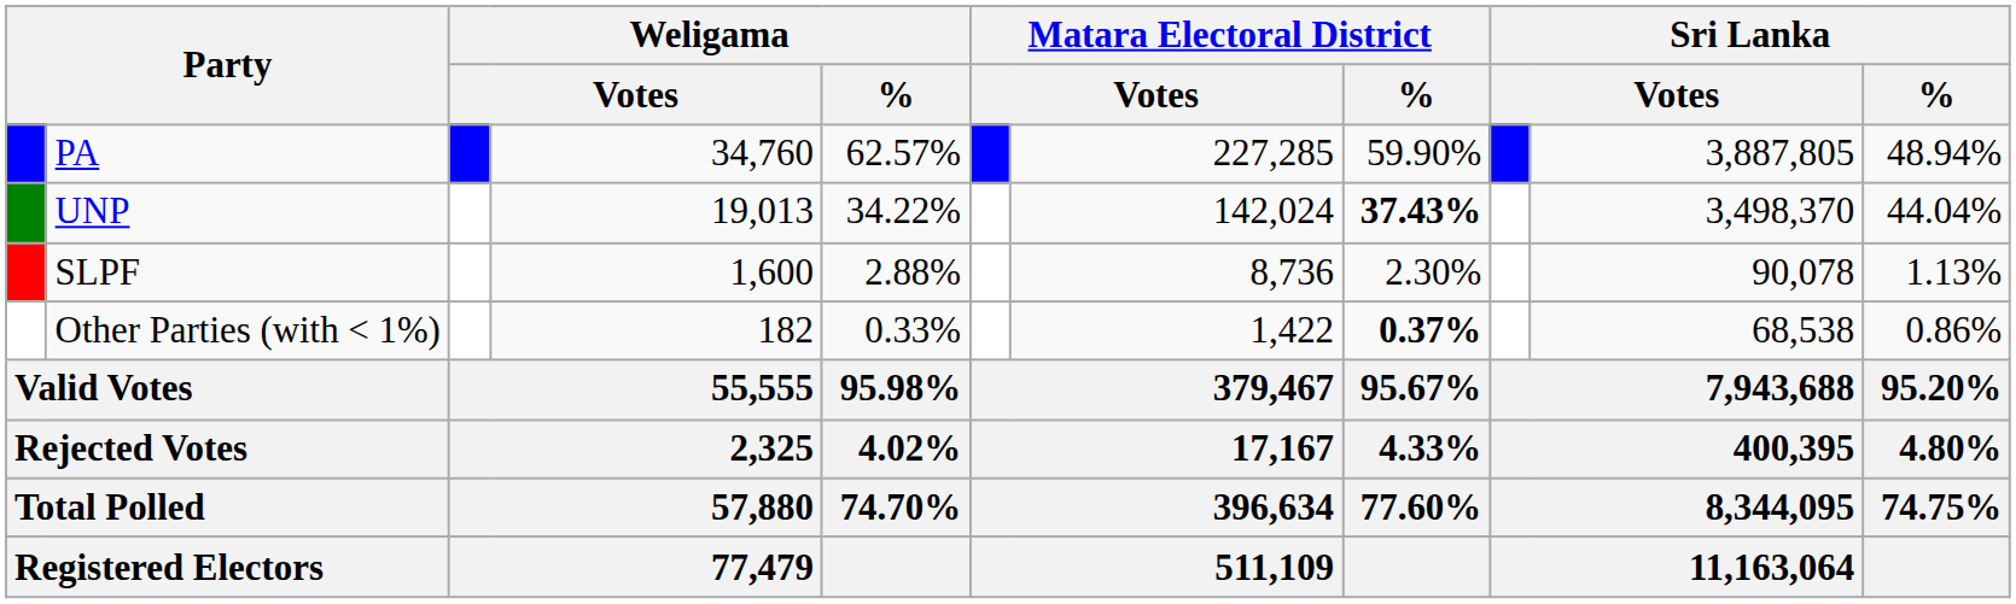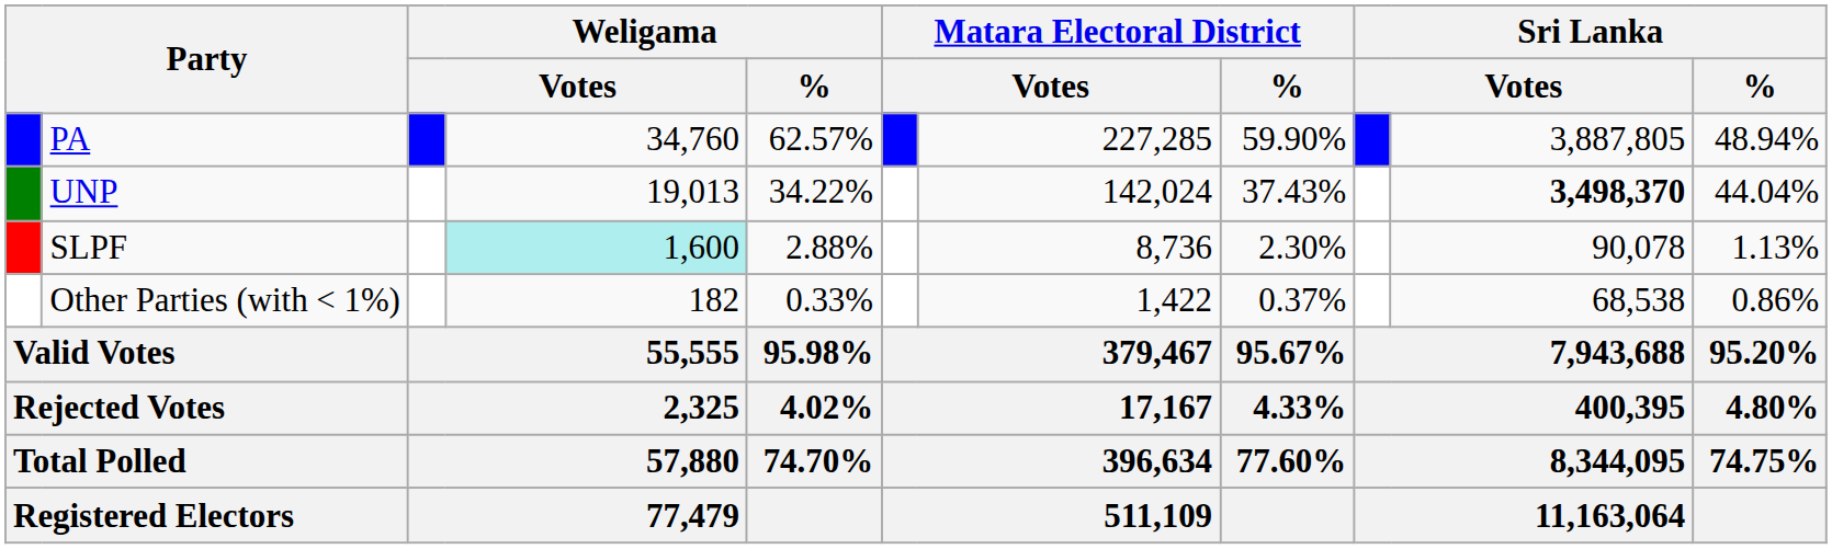 <table class="wikitable">
 <tr>
 <th colspan="2" width="144px"rowspan="2">Party</th>
 <th colspan="3" width="216px">Weligama</th>
 <th colspan="3" width="216px"><a href='#'>Matara Electoral District</a></th>
 <th colspan="3" width="216px">Sri Lanka</th>
 </tr>
 <tr>
 <th colspan="2" width="144px">Votes</th>
 <th>%</th>
 <th colspan="2" width="144px">Votes</th>
 <th>%</th>
 <th colspan="2" width="144px">Votes</th>
 <th>%</th>
 </tr>
 <tr>
 <td style="background-color:blue;" width="10px"></td>
 <td style="text-align:left;"><a href='#'>PA</a></td>
 <td style="background-color:blue;" width="10px"></td>
 <td style="text-align:right;">34,760</td>
 <td style="text-align:right;">62.57%</td>
 <td style="background-color:blue;" width="10px"></td>
 <td style="text-align:right;">227,285</td>
 <td style="text-align:right;">59.90%</td>
 <td style="background-color:blue;" width="10px"></td>
 <td style="text-align:right;">3,887,805</td>
 <td style="text-align:right;">48.94%</td>
 </tr>
 <tr>
 <td style="background-color:green;" width="10px"></td>
 <td style="text-align:left;"><a href='#'>UNP</a></td>
 <td style="background-color:white;" width="10px"></td>
 <td style="text-align:right;">19,013</td>
 <td style="text-align:right;">34.22%</td>
 <td style="background-color:white;" width="10px"></td>
 <td style="text-align:right;">142,024</td>
-<td style="text-align:right;"><strong>37.43%</strong></td>
+<td style="text-align:right;">37.43%</td>
 <td style="background-color:white;" width="10px"></td>
-<td style="text-align:right;">3,498,370</td>
+<td style="text-align:right;"><strong>3,498,370</strong></td>
 <td style="text-align:right;">44.04%</td>
 </tr>
 <tr>
 <td style="background-color:red;" width="10px"></td>
 <td style="text-align:left;">SLPF</td>
 <td style="background-color:white;" width="10px"></td>
-<td style="text-align:right;">1,600</td>
+<td style="background: paleturquoise; text-align:right;">1,600</td>
 <td style="text-align:right;">2.88%</td>
 <td style="background-color:white;" width="10px"></td>
 <td style="text-align:right;">8,736</td>
 <td style="text-align:right;">2.30%</td>
 <td style="background-color:white;" width="10px"></td>
 <td style="text-align:right;">90,078</td>
 <td style="text-align:right;">1.13%</td>
 </tr>
 <tr>
 <td style="background-color:white;" width="10px"></td>
 <td style="text-align:left;">Other Parties (with < 1%)</td>
 <td style="background-color:white;" width="10px"></td>
 <td style="text-align:right;">182</td>
 <td style="text-align:right;">0.33%</td>
 <td style="background-color:white;" width="10px"></td>
 <td style="text-align:right;">1,422</td>
-<td style="text-align:right;"><strong>0.37%</strong></td>
+<td style="text-align:right;">0.37%</td>
 <td style="background-color:white;" width="10px"></td>
 <td style="text-align:right;">68,538</td>
 <td style="text-align:right;">0.86%</td>
 </tr>
 <tr>
 <th colspan="2" width="144px"style="text-align:left;">Valid Votes</th>
 <th style="text-align:right;"colspan="2" width="144px">55,555</th>
 <th style="text-align:right;">95.98%</th>
 <th style="text-align:right;"colspan="2" width="144px">379,467</th>
 <th style="text-align:right;">95.67%</th>
 <th style="text-align:right;"colspan="2" width="144px">7,943,688</th>
 <th style="text-align:right;">95.20%</th>
 </tr>
 <tr>
 <th colspan="2" width="144px"style="text-align:left;">Rejected Votes</th>
 <th style="text-align:right;"colspan="2" width="144px">2,325</th>
 <th style="text-align:right;">4.02%</th>
 <th style="text-align:right;"colspan="2" width="144px">17,167</th>
 <th style="text-align:right;">4.33%</th>
 <th style="text-align:right;"colspan="2" width="144px">400,395</th>
 <th style="text-align:right;">4.80%</th>
 </tr>
 <tr>
 <th colspan="2" width="144px"style="text-align:left;">Total Polled</th>
 <th style="text-align:right;"colspan="2" width="144px">57,880</th>
 <th style="text-align:right;">74.70%</th>
 <th style="text-align:right;"colspan="2" width="144px">396,634</th>
 <th style="text-align:right;">77.60%</th>
 <th style="text-align:right;"colspan="2" width="144px">8,344,095</th>
 <th style="text-align:right;">74.75%</th>
 </tr>
 <tr>
 <th colspan="2" width="144px"style="text-align:left;">Registered Electors</th>
 <th style="text-align:right;"colspan="2" width="144px">77,479</th>
 <th></th>
 <th style="text-align:right;"colspan="2" width="144px">511,109</th>
 <th></th>
 <th style="text-align:right;"colspan="2" width="144px">11,163,064</th>
 <th></th>
 </tr>
 </table>
